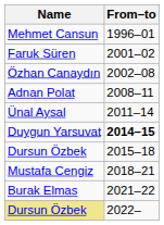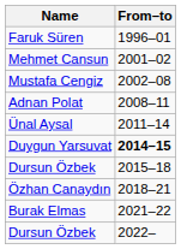 <table class="wikitable" style="text-align: left">
 <tr>
 <th>Name</th>
 <th>From–to</th>
 </tr>
 <tr>
-<td> <a href='#'>Mehmet Cansun</a></td>
+<td> <a href='#'>Faruk Süren</a></td>
 <td>1996–01</td>
 </tr>
 <tr>
-<td> <a href='#'>Faruk Süren</a></td>
+<td> <a href='#'>Mehmet Cansun</a></td>
 <td>2001–02</td>
 </tr>
 <tr>
-<td> <a href='#'>Özhan Canaydın</a></td>
+<td> <a href='#'>Mustafa Cengiz</a></td>
 <td>2002–08</td>
 </tr>
 <tr>
 <td> <a href='#'>Adnan Polat</a></td>
 <td>2008–11</td>
 </tr>
 <tr>
 <td> <a href='#'>Ünal Aysal</a></td>
 <td>2011–14</td>
 </tr>
 <tr>
 <td> <a href='#'>Duygun Yarsuvat</a></td>
 <td><strong>2014–15</strong></td>
 </tr>
 <tr>
 <td> <a href='#'>Dursun Özbek</a></td>
 <td>2015–18</td>
 </tr>
 <tr>
-<td> <a href='#'>Mustafa Cengiz</a></td>
+<td> <a href='#'>Özhan Canaydın</a></td>
 <td>2018–21</td>
 </tr>
 <tr>
 <td> <a href='#'>Burak Elmas</a></td>
 <td>2021–22</td>
 </tr>
 <tr>
-<td style="background: khaki;"> <a href='#'>Dursun Özbek</a></td>
+<td> <a href='#'>Dursun Özbek</a></td>
 <td>2022–</td>
 </tr>
 </table>
